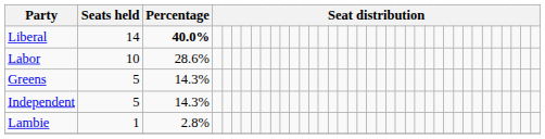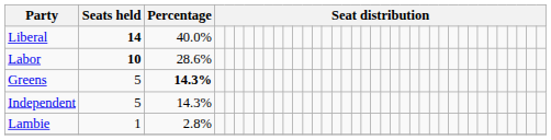 <table class="wikitable" style="text-align:right;">
 <tr>
 <th>Party</th>
 <th>Seats held</th>
 <th>Percentage</th>
 <th colspan=35>Seat distribution</th>
 </tr>
 <tr>
 <td style="text-align:left;"><a href='#'>Liberal</a></td>
-<td>14</td>
-<td><strong>40.0%</strong></td>
+<td><strong>14</strong></td>
+<td>40.0%</td>
 <td> </td>
 <td> </td>
 <td> </td>
 <td> </td>
 <td> </td>
 <td> </td>
 <td> </td>
 <td> </td>
 <td> </td>
 <td> </td>
 <td> </td>
 <td> </td>
 <td> </td>
 <td> </td>
 <td> </td>
 <td> </td>
 <td> </td>
 <td> </td>
 <td> </td>
 <td> </td>
 <td> </td>
 <td> </td>
 <td> </td>
 <td> </td>
 <td> </td>
 <td> </td>
 <td> </td>
 <td> </td>
 <td> </td>
 <td> </td>
 <td> </td>
 <td> </td>
 <td> </td>
 <td> </td>
 </tr>
 <tr>
 <td style="text-align:left;"><a href='#'>Labor</a></td>
-<td>10</td>
+<td><strong>10</strong></td>
 <td>28.6%</td>
 <td> </td>
 <td> </td>
 <td> </td>
 <td> </td>
 <td> </td>
 <td> </td>
 <td> </td>
 <td> </td>
 <td> </td>
 <td> </td>
 <td> </td>
 <td> </td>
 <td> </td>
 <td> </td>
 <td> </td>
 <td> </td>
 <td> </td>
 <td> </td>
 <td> </td>
 <td> </td>
 <td> </td>
 <td> </td>
 <td> </td>
 <td> </td>
 <td> </td>
 <td> </td>
 <td> </td>
 <td> </td>
 <td> </td>
 <td> </td>
 <td> </td>
 <td> </td>
 <td> </td>
 <td> </td>
 </tr>
 <tr>
 <td style="text-align:left;"><a href='#'>Greens</a></td>
 <td>5</td>
-<td>14.3%</td>
+<td><strong>14.3%</strong></td>
 <td> </td>
 <td> </td>
 <td> </td>
 <td> </td>
 <td> </td>
 <td> </td>
 <td> </td>
 <td> </td>
 <td> </td>
 <td> </td>
 <td> </td>
 <td> </td>
 <td> </td>
 <td> </td>
 <td> </td>
 <td> </td>
 <td> </td>
 <td> </td>
 <td> </td>
 <td> </td>
 <td> </td>
 <td> </td>
 <td> </td>
 <td> </td>
 <td> </td>
 <td> </td>
 <td> </td>
 <td> </td>
 <td> </td>
 <td> </td>
 <td> </td>
 <td> </td>
 <td> </td>
 <td> </td>
 </tr>
 <tr>
 <td style="text-align:left;"><a href='#'>Independent</a></td>
 <td>5</td>
 <td>14.3%</td>
 <td> </td>
 <td> </td>
 <td> </td>
 <td> </td>
 <td> </td>
 <td> </td>
 <td> </td>
 <td> </td>
 <td> </td>
 <td> </td>
 <td> </td>
 <td> </td>
 <td> </td>
 <td> </td>
 <td> </td>
 <td> </td>
 <td> </td>
 <td> </td>
 <td> </td>
 <td> </td>
 <td> </td>
 <td> </td>
 <td> </td>
 <td> </td>
 <td> </td>
 <td> </td>
 <td> </td>
 <td> </td>
 <td> </td>
 <td> </td>
 <td> </td>
 <td> </td>
 <td> </td>
 <td> </td>
 </tr>
 <tr>
 <td style="text-align:left;"><a href='#'>Lambie</a></td>
 <td>1</td>
 <td>2.8%</td>
 <td> </td>
 <td> </td>
 <td> </td>
 <td> </td>
 <td> </td>
 <td> </td>
 <td> </td>
 <td> </td>
 <td> </td>
 <td> </td>
 <td> </td>
 <td> </td>
 <td> </td>
 <td> </td>
 <td> </td>
 <td> </td>
 <td> </td>
 <td> </td>
 <td> </td>
 <td> </td>
 <td> </td>
 <td> </td>
 <td> </td>
 <td> </td>
 <td> </td>
 <td> </td>
 <td> </td>
 <td> </td>
 <td> </td>
 <td> </td>
 <td> </td>
 <td> </td>
 <td> </td>
 <td> </td>
 </tr>
 <tr>
 </tr>
 </table>
